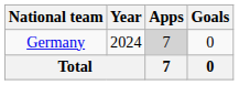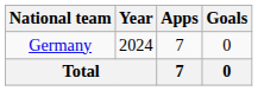 <table class="wikitable" style="text-align:center">
 <tr>
 <th>National team</th>
 <th>Year</th>
 <th>Apps</th>
 <th>Goals</th>
 </tr>
 <tr>
 <td><a href='#'>Germany</a></td>
 <td>2024</td>
-<td style="background: lightgrey;">7</td>
+<td>7</td>
 <td>0</td>
 </tr>
 <tr>
 <th colspan="2">Total</th>
 <th>7</th>
 <th>0</th>
 </tr>
 </table>
